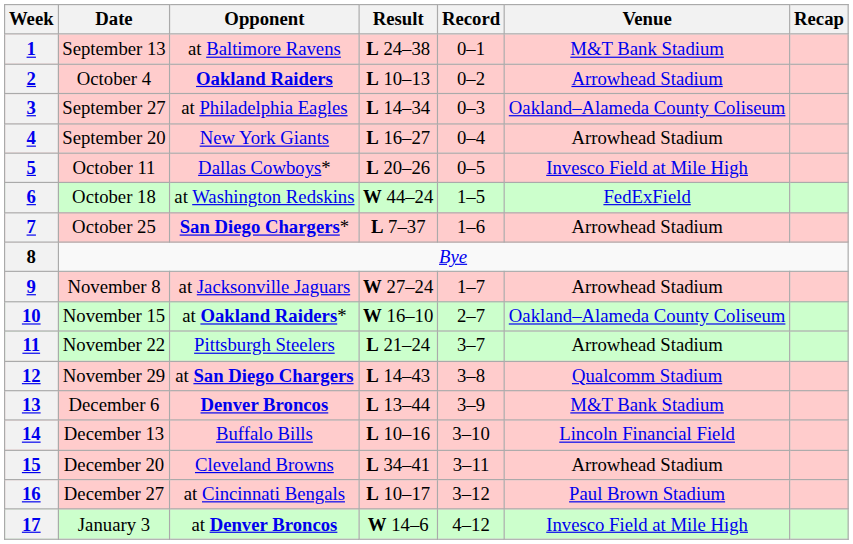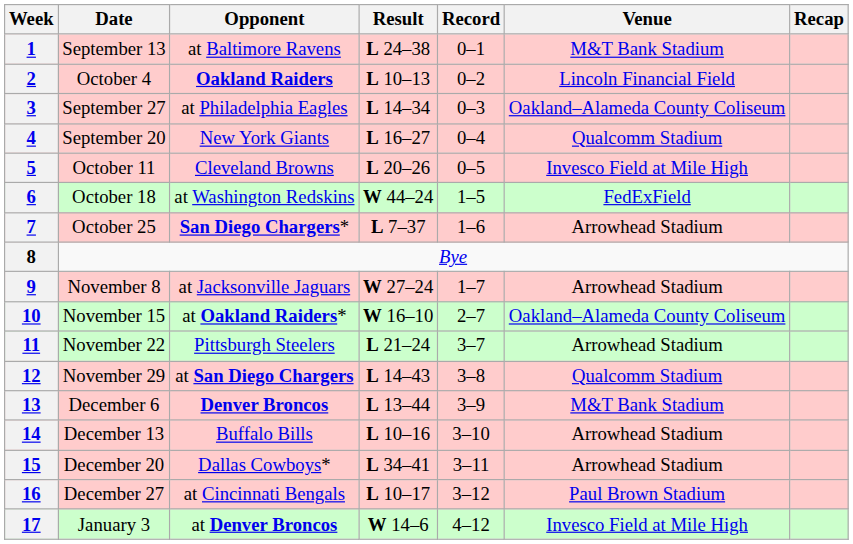 <table class="wikitable" style="text-align:center">
 <tr>
 <th>Week</th>
 <th>Date</th>
 <th>Opponent</th>
 <th>Result</th>
 <th>Record</th>
 <th>Venue</th>
 <th>Recap</th>
 </tr>
 <tr style="background:#fcc">
 <th><a href='#'>1</a></th>
 <td>September 13</td>
 <td>at <a href='#'>Baltimore Ravens</a></td>
 <td><strong>L</strong> 24–38</td>
 <td>0–1</td>
 <td><a href='#'>M&T Bank Stadium</a></td>
 <td></td>
 </tr>
 <tr style="background:#fcc">
 <th><a href='#'>2</a></th>
 <td>October 4</td>
 <td><strong><a href='#'>Oakland Raiders</a></strong></td>
 <td><strong>L</strong> 10–13</td>
 <td>0–2</td>
-<td><a href='#'>Arrowhead Stadium</a></td>
+<td><a href='#'>Lincoln Financial Field</a></td>
 <td></td>
 </tr>
 <tr style="background:#fcc">
 <th><a href='#'>3</a></th>
 <td>September 27</td>
 <td>at <a href='#'>Philadelphia Eagles</a></td>
 <td><strong>L</strong> 14–34</td>
 <td>0–3</td>
 <td><a href='#'>Oakland–Alameda County Coliseum</a></td>
 <td></td>
 </tr>
 <tr style="background:#fcc">
 <th><a href='#'>4</a></th>
 <td>September 20</td>
 <td><a href='#'>New York Giants</a></td>
 <td><strong>L</strong> 16–27</td>
 <td>0–4</td>
-<td>Arrowhead Stadium</td>
+<td><a href='#'>Qualcomm Stadium</a></td>
 <td></td>
 </tr>
 <tr style="background:#fcc">
 <th><a href='#'>5</a></th>
 <td>October 11</td>
-<td><a href='#'>Dallas Cowboys</a>*</td>
+<td><a href='#'>Cleveland Browns</a></td>
 <td><strong>L</strong> 20–26 </td>
 <td>0–5</td>
 <td><a href='#'>Invesco Field at Mile High</a></td>
 <td></td>
 </tr>
 <tr style="background:#cfc">
 <th><a href='#'>6</a></th>
 <td>October 18</td>
 <td>at <a href='#'>Washington Redskins</a></td>
 <td><strong>W</strong> 44–24</td>
 <td>1–5</td>
 <td><a href='#'>FedExField</a></td>
 <td></td>
 </tr>
 <tr style="background:#fcc">
 <th><a href='#'>7</a></th>
 <td>October 25</td>
 <td><strong><a href='#'>San Diego Chargers</a></strong>*</td>
 <td><strong>L</strong> 7–37</td>
 <td>1–6</td>
 <td>Arrowhead Stadium</td>
 <td></td>
 </tr>
 <tr>
 <th>8</th>
 <td colspan="6"><em><a href='#'>Bye</a></em></td>
 </tr>
 <tr style="background:#fcc">
 <th><a href='#'>9</a></th>
 <td>November 8</td>
 <td>at <a href='#'>Jacksonville Jaguars</a></td>
 <td><strong>W</strong> 27–24 </td>
 <td>1–7</td>
 <td>Arrowhead Stadium</td>
 <td></td>
 </tr>
 <tr style="background:#cfc">
 <th><a href='#'>10</a></th>
 <td>November 15</td>
 <td>at <strong><a href='#'>Oakland Raiders</a></strong>*</td>
 <td><strong>W</strong> 16–10</td>
 <td>2–7</td>
 <td><a href='#'>Oakland–Alameda County Coliseum</a></td>
 <td></td>
 </tr>
 <tr style="background:#cfc">
 <th><a href='#'>11</a></th>
 <td>November 22</td>
 <td><a href='#'>Pittsburgh Steelers</a></td>
 <td><strong>L</strong> 21–24</td>
 <td>3–7</td>
 <td>Arrowhead Stadium</td>
 <td></td>
 </tr>
 <tr style="background:#fcc">
 <th><a href='#'>12</a></th>
 <td>November 29</td>
 <td>at <strong><a href='#'>San Diego Chargers</a></strong></td>
 <td><strong>L</strong> 14–43</td>
 <td>3–8</td>
 <td><a href='#'>Qualcomm Stadium</a></td>
 <td></td>
 </tr>
 <tr style="background:#fcc">
 <th><a href='#'>13</a></th>
 <td>December 6</td>
 <td><strong><a href='#'>Denver Broncos</a></strong></td>
 <td><strong>L</strong> 13–44</td>
 <td>3–9</td>
 <td><a href='#'>M&T Bank Stadium</a></td>
 <td></td>
 </tr>
 <tr style="background:#fcc">
 <th><a href='#'>14</a></th>
 <td>December 13</td>
 <td><a href='#'>Buffalo Bills</a></td>
 <td><strong>L</strong> 10–16</td>
 <td>3–10</td>
-<td><a href='#'>Lincoln Financial Field</a></td>
+<td>Arrowhead Stadium</td>
 <td></td>
 </tr>
 <tr style="background:#fcc">
 <th><a href='#'>15</a></th>
 <td>December 20</td>
-<td><a href='#'>Cleveland Browns</a></td>
+<td><a href='#'>Dallas Cowboys</a>*</td>
 <td><strong>L</strong> 34–41</td>
 <td>3–11</td>
 <td>Arrowhead Stadium</td>
 <td></td>
 </tr>
 <tr style="background:#fcc">
 <th><a href='#'>16</a></th>
 <td>December 27</td>
 <td>at <a href='#'>Cincinnati Bengals</a></td>
 <td><strong>L</strong> 10–17</td>
 <td>3–12</td>
 <td><a href='#'>Paul Brown Stadium</a></td>
 <td></td>
 </tr>
 <tr style="background:#cfc">
 <th><a href='#'>17</a></th>
 <td>January 3</td>
 <td>at <strong><a href='#'>Denver Broncos</a></strong></td>
 <td><strong>W</strong> 14–6</td>
 <td>4–12</td>
 <td><a href='#'>Invesco Field at Mile High</a></td>
 <td></td>
 </tr>
 </table>
